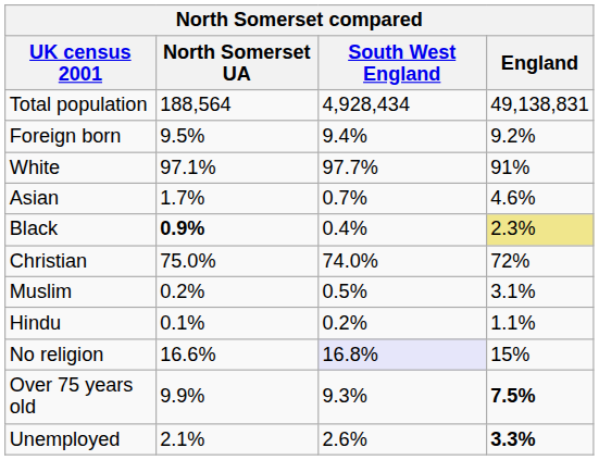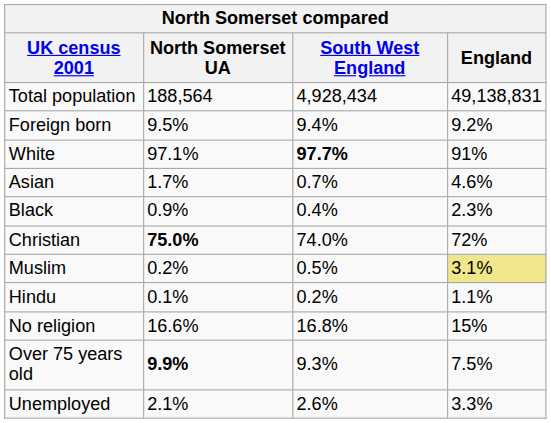 <table class="wikitable floatright" style="margin-left: 1em; width: 30em;">
 <tr>
 <th colspan="6"><strong>North Somerset compared</strong></th>
 </tr>
 <tr>
 <th><a href='#'>UK census 2001</a></th>
 <th>North Somerset UA</th>
 <th><a href='#'>South West England</a></th>
 <th>England</th>
 </tr>
 <tr>
 <td>Total population</td>
 <td>188,564</td>
 <td>4,928,434</td>
 <td>49,138,831</td>
 </tr>
 <tr>
 <td>Foreign born</td>
 <td>9.5%</td>
 <td>9.4%</td>
 <td>9.2%</td>
 </tr>
 <tr>
 <td>White</td>
 <td>97.1%</td>
-<td>97.7%</td>
+<td><strong>97.7%</strong></td>
 <td>91%</td>
 </tr>
 <tr>
 <td>Asian</td>
 <td>1.7%</td>
 <td>0.7%</td>
 <td>4.6%</td>
 </tr>
 <tr>
 <td>Black</td>
-<td><strong>0.9%</strong></td>
+<td>0.9%</td>
 <td>0.4%</td>
-<td style="background: khaki;">2.3%</td>
+<td>2.3%</td>
 </tr>
 <tr>
 <td>Christian</td>
-<td>75.0%</td>
+<td><strong>75.0%</strong></td>
 <td>74.0%</td>
 <td>72%</td>
 </tr>
 <tr>
 <td>Muslim</td>
 <td>0.2%</td>
 <td>0.5%</td>
-<td>3.1%</td>
+<td style="background: khaki;">3.1%</td>
 </tr>
 <tr>
 <td>Hindu</td>
 <td>0.1%</td>
 <td>0.2%</td>
 <td>1.1%</td>
 </tr>
 <tr>
 <td>No religion</td>
 <td>16.6%</td>
-<td style="background: lavender;">16.8%</td>
+<td>16.8%</td>
 <td>15%</td>
 </tr>
 <tr>
 <td>Over 75 years old</td>
-<td>9.9%</td>
+<td><strong>9.9%</strong></td>
 <td>9.3%</td>
-<td><strong>7.5%</strong></td>
+<td>7.5%</td>
 </tr>
 <tr>
 <td>Unemployed</td>
 <td>2.1%</td>
 <td>2.6%</td>
-<td><strong>3.3%</strong></td>
+<td>3.3%</td>
 </tr>
 </table>
